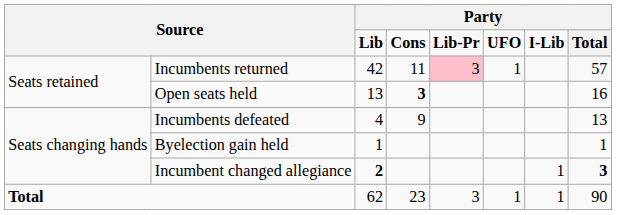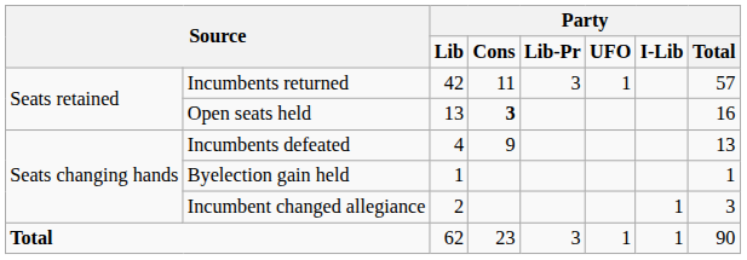 <table class="wikitable" style="text-align:right;">
 <tr>
 <th colspan="2" rowspan="2">Source</th>
 <th colspan="6">Party</th>
 </tr>
 <tr>
 <td><strong>Lib</strong></td>
 <td><strong>Cons</strong></td>
 <td><strong>Lib-Pr</strong></td>
 <td><strong>UFO</strong></td>
 <td><strong>I-Lib</strong></td>
 <th>Total</th>
 </tr>
 <tr>
 <td rowspan="2" style="text-align:left;">Seats retained</td>
 <td style="text-align:left;">Incumbents returned</td>
 <td>42</td>
 <td>11</td>
-<td style="background: pink;">3</td>
+<td>3</td>
 <td>1</td>
 <td></td>
 <td>57</td>
 </tr>
 <tr>
 <td style="text-align:left;">Open seats held</td>
 <td>13</td>
 <td><strong>3</strong></td>
 <td></td>
 <td></td>
 <td></td>
 <td>16</td>
 </tr>
 <tr>
 <td rowspan="3" style="text-align:left;">Seats changing hands</td>
 <td style="text-align:left;">Incumbents defeated</td>
 <td>4</td>
 <td>9</td>
 <td></td>
 <td></td>
 <td></td>
 <td>13</td>
 </tr>
 <tr>
 <td style="text-align:left;">Byelection gain held</td>
 <td>1</td>
 <td></td>
 <td></td>
 <td></td>
 <td></td>
 <td>1</td>
 </tr>
 <tr>
 <td style="text-align:left;">Incumbent changed allegiance</td>
-<td><strong>2</strong></td>
+<td>2</td>
 <td></td>
 <td></td>
 <td></td>
 <td>1</td>
-<td><strong>3</strong></td>
+<td>3</td>
 </tr>
 <tr>
 <td colspan="2" style="text-align:left;"><strong>Total</strong></td>
 <td>62</td>
 <td>23</td>
 <td>3</td>
 <td>1</td>
 <td>1</td>
 <td>90</td>
 </tr>
 </table>
